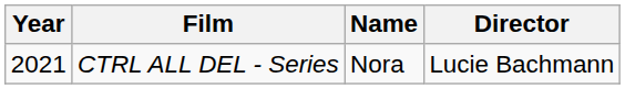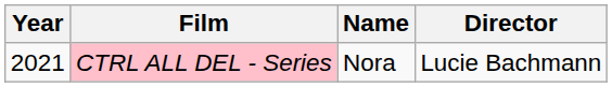 <table class="wikitable">
 <tr>
 <th>Year</th>
 <th>Film</th>
 <th>Name</th>
 <th>Director</th>
 </tr>
 <tr>
 <td>2021</td>
-<td><em>CTRL ALL DEL - Series</em></td>
+<td style="background: pink;"><em>CTRL ALL DEL - Series</em></td>
 <td>Nora</td>
 <td>Lucie Bachmann</td>
 </tr>
 </table>
